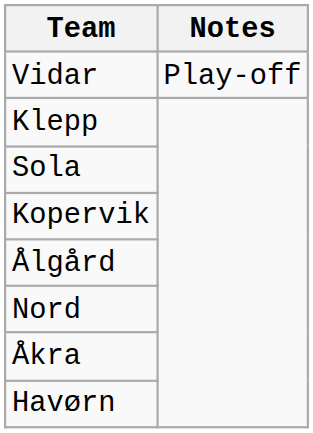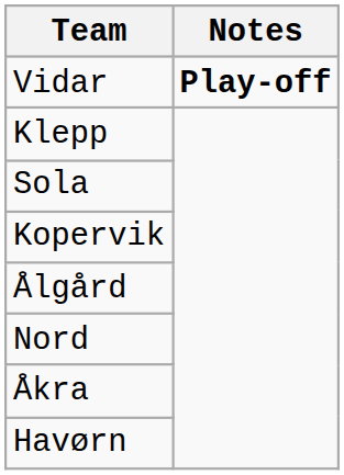 <table class="wikitable">
 <tr>
 <th>Team</th>
 <th>Notes</th>
 </tr>
 <tr>
 <td>Vidar</td>
-<td>Play-off</td>
+<td><strong>Play-off</strong></td>
 </tr>
 <tr>
 <td>Klepp</td>
 </tr>
 <tr>
 <td>Sola</td>
 </tr>
 <tr>
 <td>Kopervik</td>
 </tr>
 <tr>
 <td>Ålgård</td>
 </tr>
 <tr>
 <td>Nord</td>
 </tr>
 <tr>
 <td>Åkra</td>
 </tr>
 <tr>
 <td>Havørn</td>
 </tr>
 </table>
